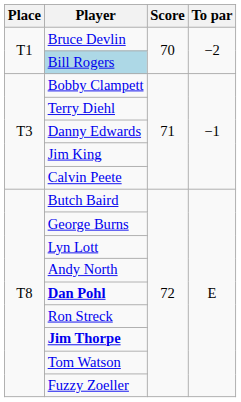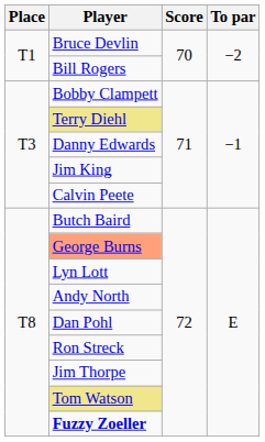 <table class="wikitable">
 <tr>
 <th>Place</th>
 <th>Player</th>
 <th>Score</th>
 <th>To par</th>
 </tr>
 <tr>
 <td rowspan="2" align=center>T1</td>
 <td> <a href='#'>Bruce Devlin</a></td>
 <td rowspan="2" align=center>70</td>
 <td rowspan="2" align=center>−2</td>
 </tr>
 <tr>
-<td style="background: lightblue;"> <a href='#'>Bill Rogers</a></td>
+<td> <a href='#'>Bill Rogers</a></td>
 </tr>
 <tr>
 <td rowspan="5" align=center>T3</td>
 <td> <a href='#'>Bobby Clampett</a></td>
 <td rowspan="5" align=center>71</td>
 <td rowspan="5" align=center>−1</td>
 </tr>
 <tr>
-<td> <a href='#'>Terry Diehl</a></td>
+<td style="background: khaki;"> <a href='#'>Terry Diehl</a></td>
 </tr>
 <tr>
 <td> <a href='#'>Danny Edwards</a></td>
 </tr>
 <tr>
 <td> <a href='#'>Jim King</a></td>
 </tr>
 <tr>
 <td> <a href='#'>Calvin Peete</a></td>
 </tr>
 <tr>
 <td rowspan="9" align=center>T8</td>
 <td> <a href='#'>Butch Baird</a></td>
 <td rowspan="9" align=center>72</td>
 <td rowspan="9" align=center>E</td>
 </tr>
 <tr>
-<td> <a href='#'>George Burns</a></td>
+<td style="background: lightsalmon;"> <a href='#'>George Burns</a></td>
 </tr>
 <tr>
 <td> <a href='#'>Lyn Lott</a></td>
 </tr>
 <tr>
 <td> <a href='#'>Andy North</a></td>
 </tr>
 <tr>
-<td><strong> <a href='#'>Dan Pohl</a></strong></td>
+<td> <a href='#'>Dan Pohl</a></td>
 </tr>
 <tr>
 <td> <a href='#'>Ron Streck</a></td>
 </tr>
 <tr>
-<td><strong> <a href='#'>Jim Thorpe</a></strong></td>
+<td> <a href='#'>Jim Thorpe</a></td>
 </tr>
 <tr>
-<td> <a href='#'>Tom Watson</a></td>
+<td style="background: khaki;"> <a href='#'>Tom Watson</a></td>
 </tr>
 <tr>
-<td> <a href='#'>Fuzzy Zoeller</a></td>
+<td><strong> <a href='#'>Fuzzy Zoeller</a></strong></td>
 </tr>
 </table>
